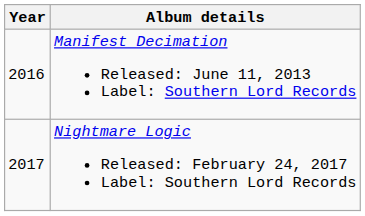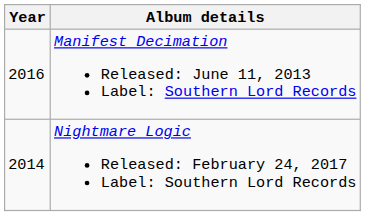 <table class="wikitable">
 <tr>
 <th width=33>Year</th>
 <th>Album details</th>
 </tr>
 <tr>
 <td>2016</td>
 <td><em><a href='#'>Manifest Decimation</a></em><br><ul><li>Released: June 11, 2013</li><li>Label: <a href='#'>Southern Lord Records</a></li></ul></td>
 </tr>
 <tr>
-<td>2017</td>
+<td>2014</td>
 <td><em><a href='#'>Nightmare Logic</a></em><br><ul><li>Released: February 24, 2017</li><li>Label: Southern Lord Records</li></ul></td>
 </tr>
 </table>
